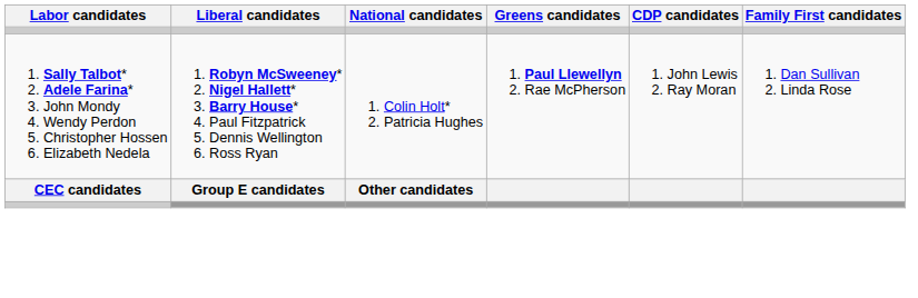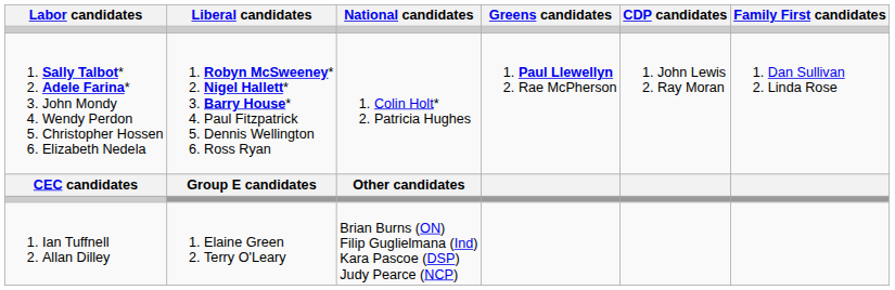 <table class="wikitable">
 <tr>
 <th><a href='#'>Labor</a> candidates</th>
 <th><a href='#'>Liberal</a> candidates</th>
 <th><a href='#'>National</a> candidates</th>
 <th><a href='#'>Greens</a> candidates</th>
 <th><a href='#'>CDP</a> candidates</th>
 <th><a href='#'>Family First</a> candidates</th>
 </tr>
 <tr bgcolor="#cccccc">
 <td></td>
 <td></td>
 <td></td>
 <td></td>
 <td></td>
 <td></td>
 </tr>
 <tr>
 <td><br><ol><li><strong><a href='#'>Sally Talbot</a></strong>*</li><li><strong><a href='#'>Adele Farina</a></strong>*</li><li>John Mondy</li><li>Wendy Perdon</li><li>Christopher Hossen</li><li>Elizabeth Nedela</li></ol></td>
 <td><br><ol><li><strong><a href='#'>Robyn McSweeney</a></strong>*</li><li><strong><a href='#'>Nigel Hallett</a></strong>*</li><li><strong><a href='#'>Barry House</a></strong>*</li><li>Paul Fitzpatrick</li><li>Dennis Wellington</li><li>Ross Ryan</li></ol></td>
 <td><br><ol><li><a href='#'>Colin Holt</a>*</li><li>Patricia Hughes</li></ol></td>
 <td valign=top><br><ol><li><strong><a href='#'>Paul Llewellyn</a></strong></li><li>Rae McPherson</li></ol></td>
 <td valign=top><br><ol><li>John Lewis</li><li>Ray Moran</li></ol></td>
 <td valign=top><br><ol><li><a href='#'>Dan Sullivan</a></li><li>Linda Rose</li></ol></td>
 </tr>
 <tr bgcolor="#cccccc">
 <th><a href='#'>CEC</a> candidates</th>
 <th>Group E candidates</th>
 <th>Other candidates</th>
 <th></th>
 <th></th>
 <th></th>
 </tr>
 <tr bgcolor="#cccccc">
 <td></td>
 <td bgcolor="#999999"></td>
 <td bgcolor="#999999"></td>
 <td bgcolor="#999999"></td>
 <td bgcolor="#999999"></td>
 <td bgcolor="#999999"></td>
 </tr>
+<tr>
+<td valign=top><br><ol><li>Ian Tuffnell</li><li>Allan Dilley</li></ol></td>
+<td valign=top><br><ol><li>Elaine Green</li><li>Terry O'Leary</li></ol></td>
+<td valign=top><br>Brian Burns (<a href='#'>ON</a>) <br> Filip Guglielmana (<a href='#'>Ind</a>) <br> Kara Pascoe (<a href='#'>DSP</a>) <br> Judy Pearce (<a href='#'>NCP</a>)</td>
+<td valign=top></td>
+<td valign=top></td>
+<td valign=top></td>
+</tr>
 </table>
